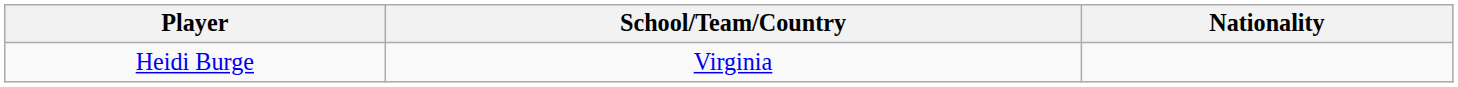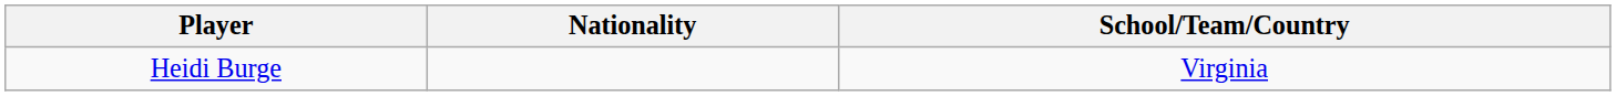 <table class="wikitable" style="text-align:center; width:60em">
 <tr>
 <th>Player</th>
+<th>Nationality</th>
 <th>School/Team/Country</th>
-<th>Nationality</th>
 </tr>
 <tr>
 <td><a href='#'>Heidi Burge</a></td>
+<td></td>
 <td><a href='#'>Virginia</a></td>
-<td></td>
 </tr>
 </table>
